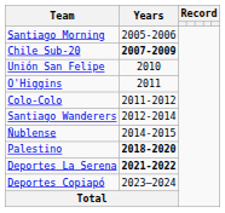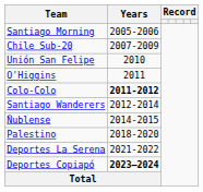 <table class=wikitable style=text-align:center>
 <tr>
 <th rowspan=2>Team</th>
 <th rowspan=2>Years</th>
 <th colspan=5>Record</th>
 </tr>
 <tr>
 <th></th>
 <th></th>
 <th></th>
 <th></th>
 <th></th>
 </tr>
 <tr>
 <td align=left><a href='#'>Santiago Morning</a></td>
 <td align=center>2005-2006<br></td>
 </tr>
 <tr>
 <td align=left><a href='#'>Chile Sub-20</a></td>
-<td align=center><strong>2007-2009<br></strong></td>
+<td align=center>2007-2009<br></td>
 </tr>
 <tr>
 <td align=left><a href='#'>Unión San Felipe</a></td>
 <td align=center>2010<br></td>
 </tr>
 <tr>
 <td align=left><a href='#'>O'Higgins</a></td>
 <td align=center>2011<br></td>
 </tr>
 <tr>
 <td align=left><a href='#'>Colo-Colo</a></td>
-<td align=center>2011-2012<br></td>
+<td align=center><strong>2011-2012<br></strong></td>
 </tr>
 <tr>
 <td align=left><a href='#'>Santiago Wanderers</a></td>
 <td align=center>2012-2014<br></td>
 </tr>
 <tr>
 <td align=left><a href='#'>Ñublense</a></td>
 <td align=center>2014-2015<br></td>
 </tr>
 <tr>
 <td align=left><a href='#'>Palestino</a></td>
-<td align=center><strong>2018-2020<br></strong></td>
+<td align=center>2018-2020<br></td>
 </tr>
 <tr>
 <td align=left><a href='#'>Deportes La Serena</a></td>
-<td align=center><strong>2021-2022<br></strong></td>
+<td align=center>2021-2022<br></td>
 </tr>
 <tr>
 <td align=left><a href='#'>Deportes Copiapó</a></td>
-<td align=center>2023–2024<br></td>
+<td align=center><strong>2023–2024<br></strong></td>
 </tr>
 <tr>
 <th colspan="2">Total<br></th>
 </tr>
 </table>
